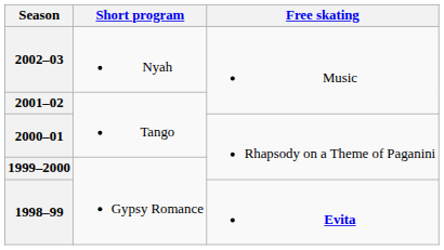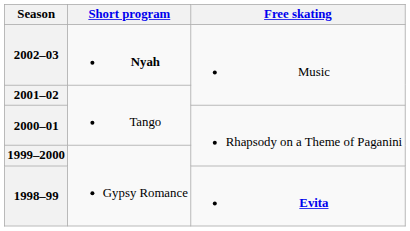 <table class=wikitable style=text-align:center>
 <tr>
 <th>Season</th>
 <th><a href='#'>Short program</a></th>
 <th><a href='#'>Free skating</a></th>
 </tr>
 <tr>
 <th>2002–03 <br> </th>
-<td><br><ul><li>Nyah <br></li></ul></td>
+<td><strong><br><ul><li>Nyah <br></li></ul></strong></td>
 <td rowspan=2><br><ul><li>Music <br></li></ul></td>
 </tr>
 <tr>
 <th>2001–02 <br> </th>
 <td rowspan=2><br><ul><li>Tango <br></li></ul></td>
 </tr>
 <tr>
 <th>2000–01 <br> </th>
 <td rowspan=2><br><ul><li>Rhapsody on a Theme of Paganini <br></li></ul></td>
 </tr>
 <tr>
 <th>1999–2000 <br> </th>
 <td rowspan=2><br><ul><li>Gypsy Romance</li></ul></td>
 </tr>
 <tr>
 <th>1998–99 <br> </th>
 <td><strong><br><ul><li><a href='#'>Evita</a> <br></li></ul></strong></td>
 </tr>
 </table>
